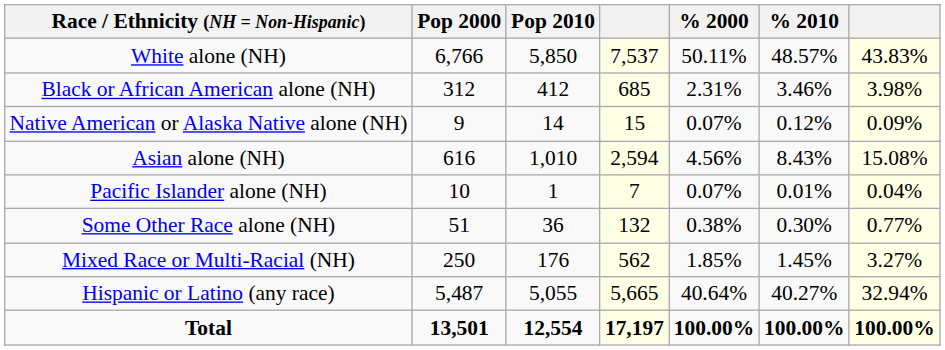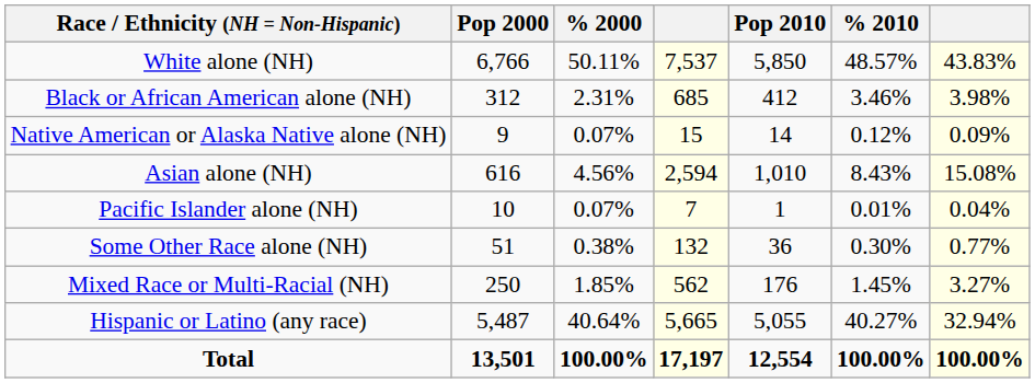 <table class="wikitable" style="text-align:center;">
 <tr>
 <th>Race / Ethnicity <small>(<em>NH = Non-Hispanic</em>)</small></th>
 <th>Pop 2000</th>
+<th>% 2000</th>
+<th></th>
 <th>Pop 2010</th>
-<th></th>
-<th>% 2000</th>
 <th>% 2010</th>
 <th></th>
 </tr>
 <tr>
 <td><a href='#'>White</a> alone (NH)</td>
 <td>6,766</td>
+<td>50.11%</td>
+<td style='background: #ffffe6;'>7,537</td>
 <td>5,850</td>
-<td style='background: #ffffe6;'>7,537</td>
-<td>50.11%</td>
 <td>48.57%</td>
 <td style='background: #ffffe6;'>43.83%</td>
 </tr>
 <tr>
 <td><a href='#'>Black or African American</a> alone (NH)</td>
 <td>312</td>
+<td>2.31%</td>
+<td style='background: #ffffe6;'>685</td>
 <td>412</td>
-<td style='background: #ffffe6;'>685</td>
-<td>2.31%</td>
 <td>3.46%</td>
 <td style='background: #ffffe6;'>3.98%</td>
 </tr>
 <tr>
 <td><a href='#'>Native American</a> or <a href='#'>Alaska Native</a> alone (NH)</td>
 <td>9</td>
+<td>0.07%</td>
+<td style='background: #ffffe6;'>15</td>
 <td>14</td>
-<td style='background: #ffffe6;'>15</td>
-<td>0.07%</td>
 <td>0.12%</td>
 <td style='background: #ffffe6;'>0.09%</td>
 </tr>
 <tr>
 <td><a href='#'>Asian</a> alone (NH)</td>
 <td>616</td>
+<td>4.56%</td>
+<td style='background: #ffffe6;'>2,594</td>
 <td>1,010</td>
-<td style='background: #ffffe6;'>2,594</td>
-<td>4.56%</td>
 <td>8.43%</td>
 <td style='background: #ffffe6;'>15.08%</td>
 </tr>
 <tr>
 <td><a href='#'>Pacific Islander</a> alone (NH)</td>
 <td>10</td>
+<td>0.07%</td>
+<td style='background: #ffffe6;'>7</td>
 <td>1</td>
-<td style='background: #ffffe6;'>7</td>
-<td>0.07%</td>
 <td>0.01%</td>
 <td style='background: #ffffe6;'>0.04%</td>
 </tr>
 <tr>
 <td><a href='#'>Some Other Race</a> alone (NH)</td>
 <td>51</td>
+<td>0.38%</td>
+<td style='background: #ffffe6;'>132</td>
 <td>36</td>
-<td style='background: #ffffe6;'>132</td>
-<td>0.38%</td>
 <td>0.30%</td>
 <td style='background: #ffffe6;'>0.77%</td>
 </tr>
 <tr>
 <td><a href='#'>Mixed Race or Multi-Racial</a> (NH)</td>
 <td>250</td>
+<td>1.85%</td>
+<td style='background: #ffffe6;'>562</td>
 <td>176</td>
-<td style='background: #ffffe6;'>562</td>
-<td>1.85%</td>
 <td>1.45%</td>
 <td style='background: #ffffe6;'>3.27%</td>
 </tr>
 <tr>
 <td><a href='#'>Hispanic or Latino</a> (any race)</td>
 <td>5,487</td>
+<td>40.64%</td>
+<td style='background: #ffffe6;'>5,665</td>
 <td>5,055</td>
-<td style='background: #ffffe6;'>5,665</td>
-<td>40.64%</td>
 <td>40.27%</td>
 <td style='background: #ffffe6;'>32.94%</td>
 </tr>
 <tr>
 <td><strong>Total</strong></td>
 <td><strong>13,501</strong></td>
+<td><strong>100.00%</strong></td>
+<td style='background: #ffffe6;'><strong>17,197</strong></td>
 <td><strong>12,554</strong></td>
-<td style='background: #ffffe6;'><strong>17,197</strong></td>
-<td><strong>100.00%</strong></td>
 <td><strong>100.00%</strong></td>
 <td style='background: #ffffe6;'><strong>100.00%</strong></td>
 </tr>
 </table>
